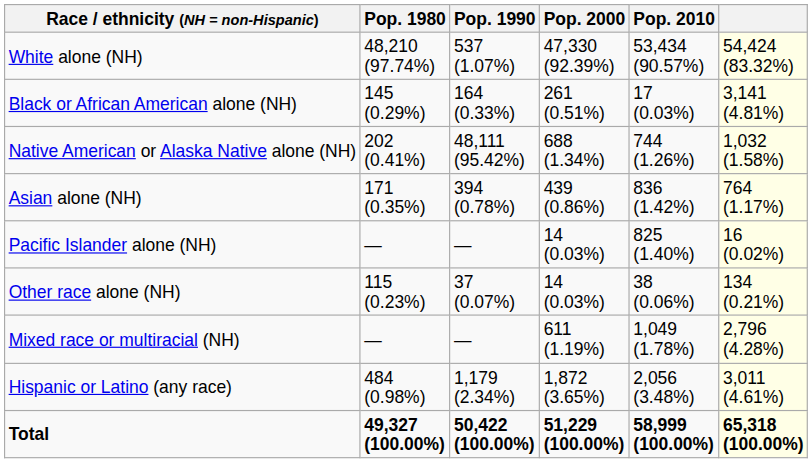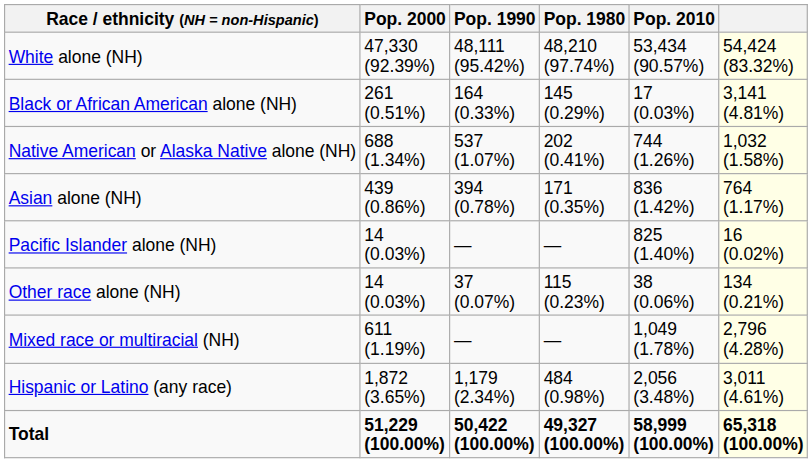 <table class="wikitable sortable collapsible" style="font-size: 95%;">
 <tr>
 <th>Race / ethnicity <small>(<em>NH = non-Hispanic</em>)</small></th>
+<th>Pop. 2000</th>
+<th>Pop. 1990</th>
 <th>Pop. 1980</th>
-<th>Pop. 1990</th>
-<th>Pop. 2000</th>
 <th>Pop. 2010</th>
 <th></th>
 </tr>
 <tr>
 <td><a href='#'>White</a> alone (NH)</td>
+<td>47,330<br>(92.39%)</td>
+<td>48,111<br>(95.42%)</td>
 <td>48,210<br>(97.74%)</td>
-<td>537<br>(1.07%)</td>
-<td>47,330<br>(92.39%)</td>
 <td>53,434<br>(90.57%)</td>
 <td style='background: #ffffe6;'>54,424<br>(83.32%)</td>
 </tr>
 <tr>
 <td><a href='#'>Black or African American</a> alone (NH)</td>
+<td>261<br>(0.51%)</td>
+<td>164<br>(0.33%)</td>
 <td>145<br>(0.29%)</td>
-<td>164<br>(0.33%)</td>
-<td>261<br>(0.51%)</td>
 <td>17<br>(0.03%)</td>
 <td style='background: #ffffe6;'>3,141<br>(4.81%)</td>
 </tr>
 <tr>
 <td><a href='#'>Native American</a> or <a href='#'>Alaska Native</a> alone (NH)</td>
+<td>688<br>(1.34%)</td>
+<td>537<br>(1.07%)</td>
 <td>202<br>(0.41%)</td>
-<td>48,111<br>(95.42%)</td>
-<td>688<br>(1.34%)</td>
 <td>744<br>(1.26%)</td>
 <td style='background: #ffffe6;'>1,032<br>(1.58%)</td>
 </tr>
 <tr>
 <td><a href='#'>Asian</a> alone (NH)</td>
+<td>439<br>(0.86%)</td>
+<td>394<br>(0.78%)</td>
 <td>171<br>(0.35%)</td>
-<td>394<br>(0.78%)</td>
-<td>439<br>(0.86%)</td>
 <td>836<br>(1.42%)</td>
 <td style='background: #ffffe6;'>764<br>(1.17%)</td>
 </tr>
 <tr>
 <td><a href='#'>Pacific Islander</a> alone (NH)</td>
+<td>14<br>(0.03%)</td>
 <td>—</td>
 <td>—</td>
-<td>14<br>(0.03%)</td>
 <td>825<br>(1.40%)</td>
 <td style='background: #ffffe6;'>16<br>(0.02%)</td>
 </tr>
 <tr>
 <td><a href='#'>Other race</a> alone (NH)</td>
+<td>14<br>(0.03%)</td>
+<td>37<br>(0.07%)</td>
 <td>115<br>(0.23%)</td>
-<td>37<br>(0.07%)</td>
-<td>14<br>(0.03%)</td>
 <td>38<br>(0.06%)</td>
 <td style='background: #ffffe6;'>134<br>(0.21%)</td>
 </tr>
 <tr>
 <td><a href='#'>Mixed race or multiracial</a> (NH)</td>
+<td>611<br>(1.19%)</td>
 <td>—</td>
 <td>—</td>
-<td>611<br>(1.19%)</td>
 <td>1,049<br>(1.78%)</td>
 <td style='background: #ffffe6;'>2,796<br>(4.28%)</td>
 </tr>
 <tr>
 <td><a href='#'>Hispanic or Latino</a> (any race)</td>
+<td>1,872<br>(3.65%)</td>
+<td>1,179<br>(2.34%)</td>
 <td>484<br>(0.98%)</td>
-<td>1,179<br>(2.34%)</td>
-<td>1,872<br>(3.65%)</td>
 <td>2,056<br>(3.48%)</td>
 <td style='background: #ffffe6;'>3,011<br>(4.61%)</td>
 </tr>
 <tr>
 <td><strong>Total</strong></td>
+<td><strong>51,229<br>(100.00%)</strong></td>
+<td><strong>50,422<br>(100.00%)</strong></td>
 <td><strong>49,327<br>(100.00%)</strong></td>
-<td><strong>50,422<br>(100.00%)</strong></td>
-<td><strong>51,229<br>(100.00%)</strong></td>
 <td><strong>58,999<br>(100.00%)</strong></td>
 <td style='background: #ffffe6;'><strong>65,318<br>(100.00%)</strong></td>
 </tr>
 </table>
